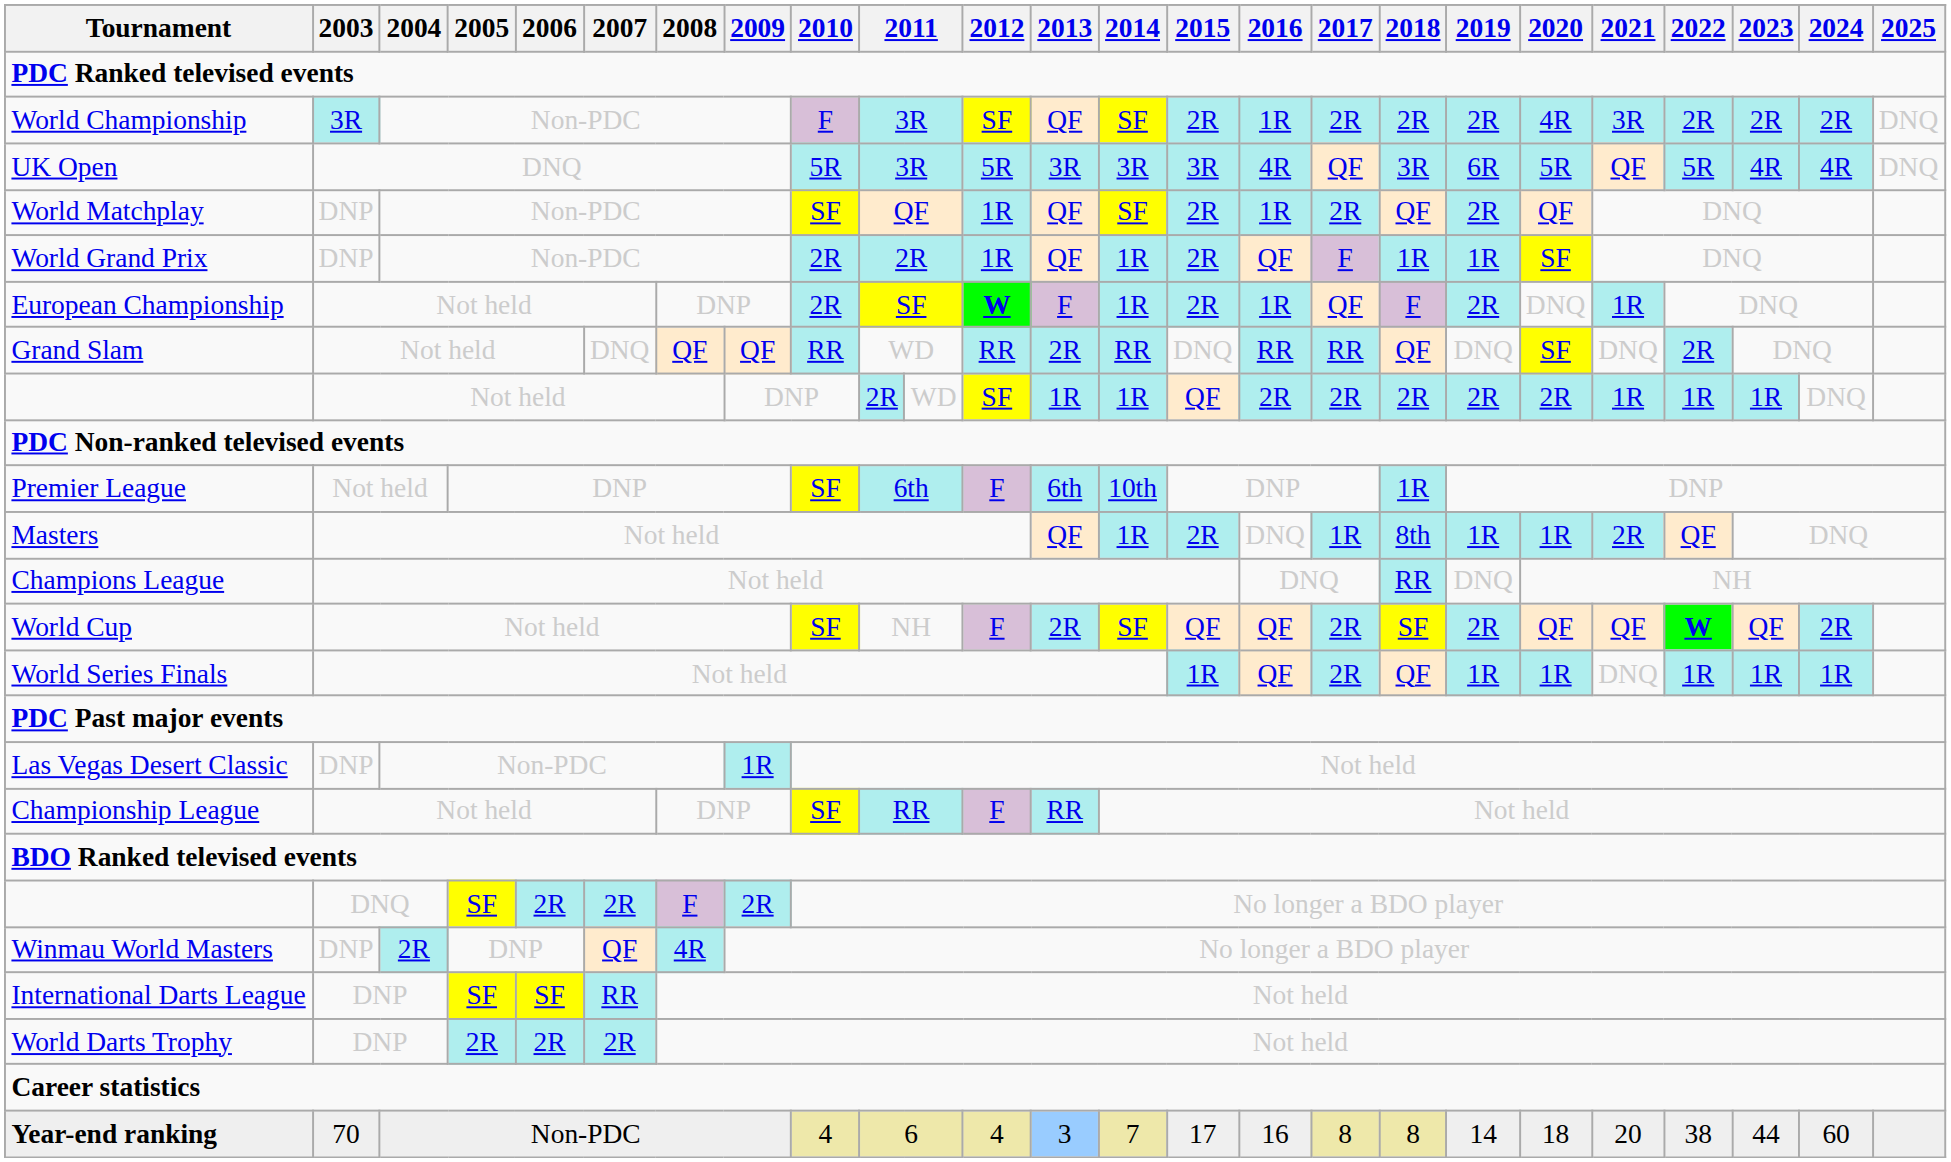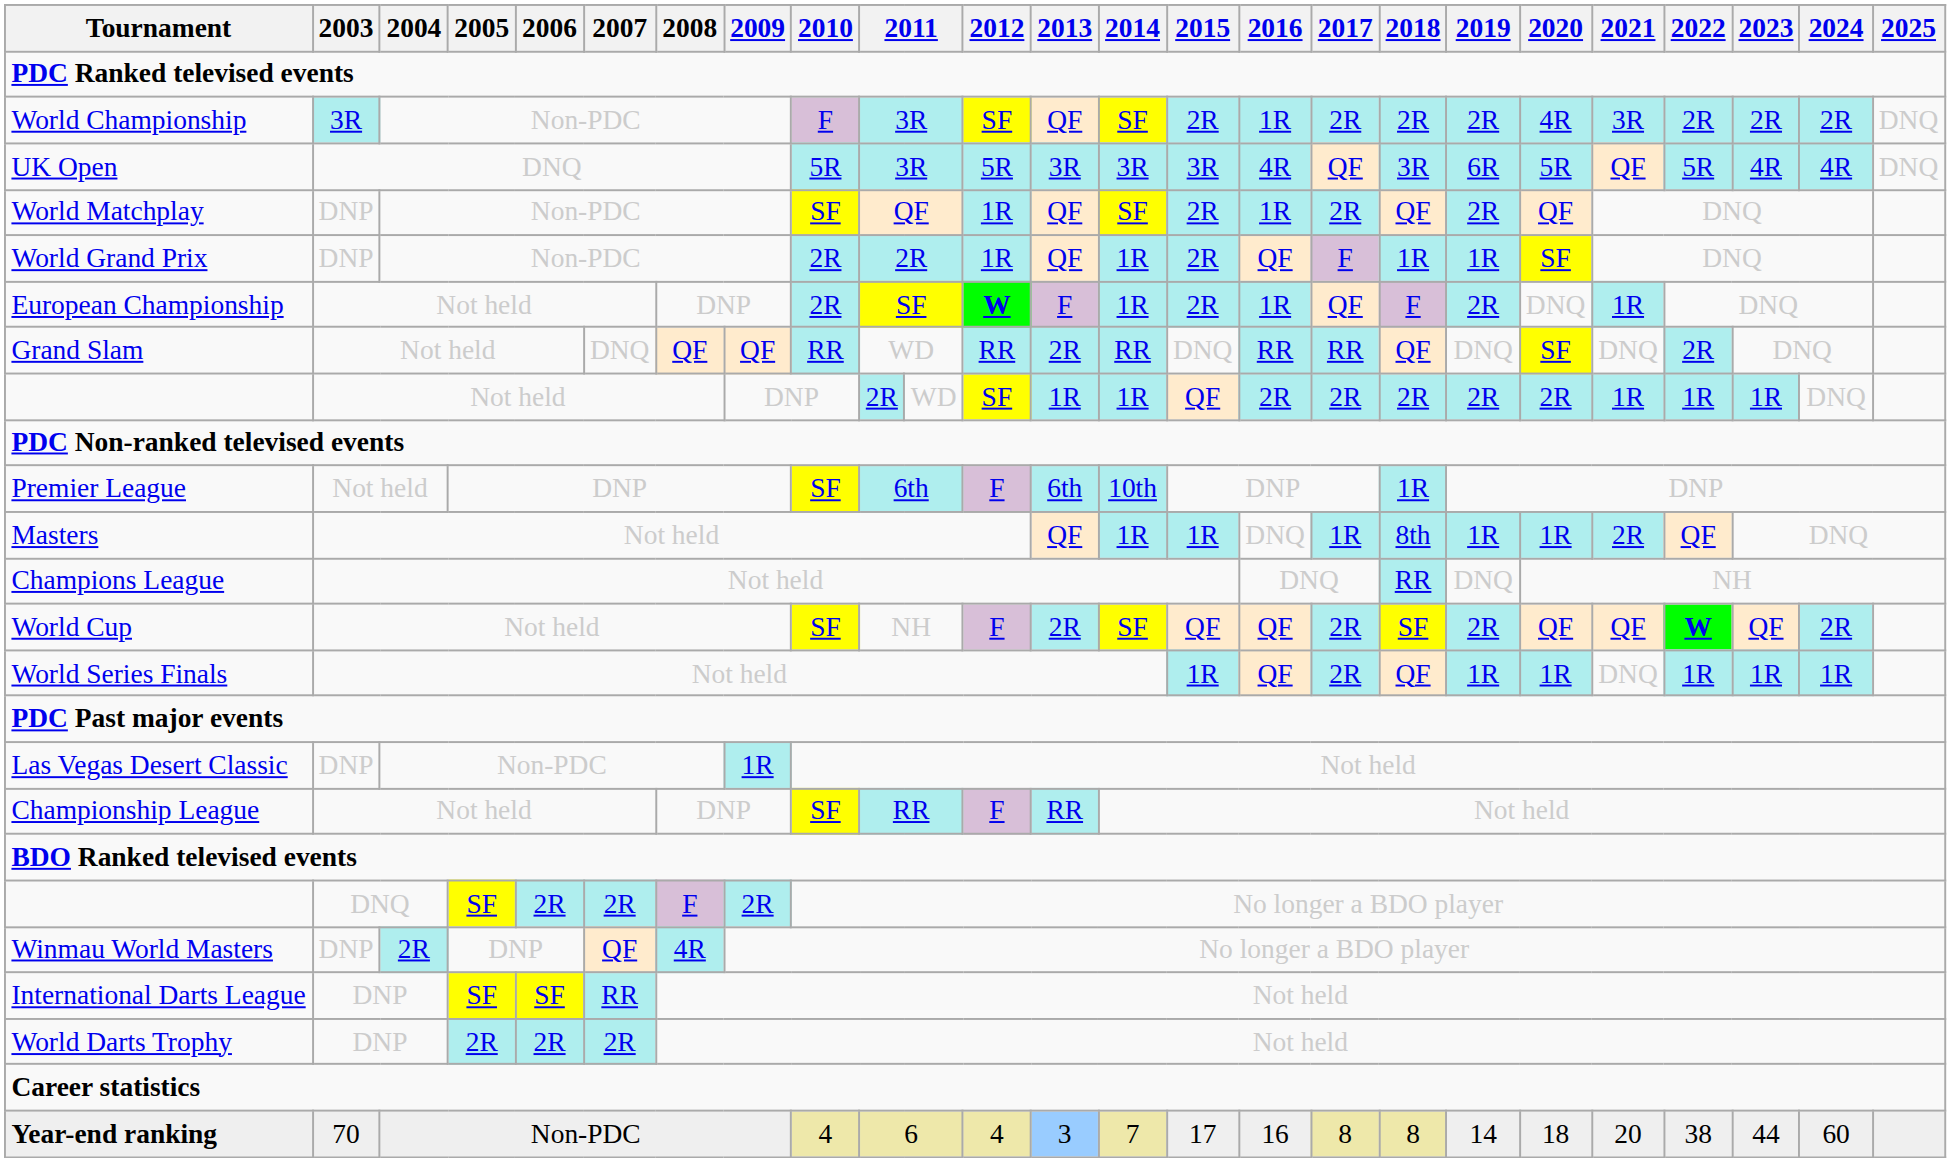 <table class=wikitable style=text-align:center;font-size:88%>
 <tr>
 <th>Tournament</th>
 <th>2003</th>
 <th>2004</th>
 <th>2005</th>
 <th>2006</th>
 <th>2007</th>
 <th>2008</th>
 <th><a href='#'>2009</a></th>
 <th><a href='#'>2010</a></th>
 <th colspan="2"><a href='#'>2011</a></th>
 <th><a href='#'>2012</a></th>
 <th><a href='#'>2013</a></th>
 <th><a href='#'>2014</a></th>
 <th><a href='#'>2015</a></th>
 <th><a href='#'>2016</a></th>
 <th><a href='#'>2017</a></th>
 <th><a href='#'>2018</a></th>
 <th><a href='#'>2019</a></th>
 <th><a href='#'>2020</a></th>
 <th><a href='#'>2021</a></th>
 <th><a href='#'>2022</a></th>
 <th><a href='#'>2023</a></th>
 <th><a href='#'>2024</a></th>
 <th><a href='#'>2025</a></th>
 </tr>
 <tr>
 <td colspan="31" align="left"><strong><a href='#'>PDC</a> Ranked televised events</strong></td>
 </tr>
 <tr>
 <td align=left><a href='#'>World Championship</a></td>
 <td style="text-align:center; background:#afeeee;"><a href='#'>3R</a></td>
 <td colspan="6" style="text-align:center; color:#ccc;">Non-PDC</td>
 <td style="text-align:center; background:thistle;"><a href='#'>F</a></td>
 <td colspan="2" style="text-align:center; background:#afeeee;"><a href='#'>3R</a></td>
 <td style="text-align:center; background:yellow;"><a href='#'>SF</a></td>
 <td style="text-align:center; background:#ffebcd;"><a href='#'>QF</a></td>
 <td style="text-align:center; background:yellow;"><a href='#'>SF</a></td>
 <td style="text-align:center; background:#afeeee;"><a href='#'>2R</a></td>
 <td style="text-align:center; background:#afeeee;"><a href='#'>1R</a></td>
 <td style="text-align:center; background:#afeeee;"><a href='#'>2R</a></td>
 <td style="text-align:center; background:#afeeee;"><a href='#'>2R</a></td>
 <td style="text-align:center; background:#afeeee;"><a href='#'>2R</a></td>
 <td style="text-align:center; background:#afeeee;"><a href='#'>4R</a></td>
 <td style="text-align:center; background:#afeeee;"><a href='#'>3R</a></td>
 <td style="text-align:center; background:#afeeee;"><a href='#'>2R</a></td>
 <td style="text-align:center; background:#afeeee;"><a href='#'>2R</a></td>
 <td style="text-align:center; background:#afeeee;"><a href='#'>2R</a></td>
 <td style="text-align:center; color:#ccc;">DNQ</td>
 </tr>
 <tr>
 <td align=left><a href='#'>UK Open</a></td>
 <td colspan="7" style="text-align:center; color:#ccc;">DNQ</td>
 <td style="text-align:center; background:#afeeee;"><a href='#'>5R</a></td>
 <td colspan="2" style="text-align:center; background:#afeeee;"><a href='#'>3R</a></td>
 <td style="text-align:center; background:#afeeee;"><a href='#'>5R</a></td>
 <td style="text-align:center; background:#afeeee;"><a href='#'>3R</a></td>
 <td style="text-align:center; background:#afeeee;"><a href='#'>3R</a></td>
 <td style="text-align:center; background:#afeeee;"><a href='#'>3R</a></td>
 <td style="text-align:center; background:#afeeee;"><a href='#'>4R</a></td>
 <td style="text-align:center; background:#ffebcd;"><a href='#'>QF</a></td>
 <td style="text-align:center; background:#afeeee;"><a href='#'>3R</a></td>
 <td style="text-align:center; background:#afeeee;"><a href='#'>6R</a></td>
 <td style="text-align:center; background:#afeeee;"><a href='#'>5R</a></td>
 <td style="text-align:center; background:#ffebcd;"><a href='#'>QF</a></td>
 <td style="text-align:center; background:#afeeee;"><a href='#'>5R</a></td>
 <td style="text-align:center; background:#afeeee;"><a href='#'>4R</a></td>
 <td style="text-align:center; background:#afeeee;"><a href='#'>4R</a></td>
 <td style="text-align:center; color:#ccc;">DNQ</td>
 </tr>
 <tr>
 <td align=left><a href='#'>World Matchplay</a></td>
 <td style="text-align:center; color:#ccc;">DNP</td>
 <td colspan="6" style="text-align:center; color:#ccc;">Non-PDC</td>
 <td style="text-align:center; background:yellow;"><a href='#'>SF</a></td>
 <td colspan="2" style="text-align:center; background:#ffebcd;"><a href='#'>QF</a></td>
 <td style="text-align:center; background:#afeeee;"><a href='#'>1R</a></td>
 <td style="text-align:center; background:#ffebcd;"><a href='#'>QF</a></td>
 <td style="text-align:center; background:yellow;"><a href='#'>SF</a></td>
 <td style="text-align:center; background:#afeeee;"><a href='#'>2R</a></td>
 <td style="text-align:center; background:#afeeee;"><a href='#'>1R</a></td>
 <td style="text-align:center; background:#afeeee;"><a href='#'>2R</a></td>
 <td style="text-align:center; background:#ffebcd;"><a href='#'>QF</a></td>
 <td style="text-align:center; background:#afeeee;"><a href='#'>2R</a></td>
 <td style="text-align:center; background:#ffebcd;"><a href='#'>QF</a></td>
 <td colspan="4" style="text-align:center; color:#ccc;">DNQ</td>
 <td></td>
 </tr>
 <tr>
 <td align=left><a href='#'>World Grand Prix</a></td>
 <td style="text-align:center; color:#ccc;">DNP</td>
 <td colspan="6" style="text-align:center; color:#ccc;">Non-PDC</td>
 <td style="text-align:center; background:#afeeee;"><a href='#'>2R</a></td>
 <td colspan="2"  style="text-align:center; background:#afeeee;"><a href='#'>2R</a></td>
 <td style="text-align:center; background:#afeeee;"><a href='#'>1R</a></td>
 <td style="text-align:center; background:#ffebcd;"><a href='#'>QF</a></td>
 <td style="text-align:center; background:#afeeee;"><a href='#'>1R</a></td>
 <td style="text-align:center; background:#afeeee;"><a href='#'>2R</a></td>
 <td style="text-align:center; background:#ffebcd;"><a href='#'>QF</a></td>
 <td style="text-align:center; background:thistle;"><a href='#'>F</a></td>
 <td style="text-align:center; background:#afeeee;"><a href='#'>1R</a></td>
 <td style="text-align:center; background:#afeeee;"><a href='#'>1R</a></td>
 <td style="text-align:center; background:yellow;"><a href='#'>SF</a></td>
 <td colspan="4" style="text-align:center; color:#ccc;">DNQ</td>
 <td></td>
 </tr>
 <tr>
 <td align=left><a href='#'>European Championship</a></td>
 <td colspan="5" style="text-align:center; color:#ccc;">Not held</td>
 <td colspan="2" style="text-align:center; color:#ccc;">DNP</td>
 <td style="text-align:center; background:#afeeee;"><a href='#'>2R</a></td>
 <td colspan="2" style="text-align:center; background:yellow;"><a href='#'>SF</a></td>
 <td style="text-align:center; background:lime;"><strong><a href='#'>W</a></strong></td>
 <td style="text-align:center; background:thistle;"><a href='#'>F</a></td>
 <td style="text-align:center; background:#afeeee;"><a href='#'>1R</a></td>
 <td style="text-align:center; background:#afeeee;"><a href='#'>2R</a></td>
 <td style="text-align:center; background:#afeeee;"><a href='#'>1R</a></td>
 <td style="text-align:center; background:#ffebcd;"><a href='#'>QF</a></td>
 <td style="text-align:center; background:thistle;"><a href='#'>F</a></td>
 <td style="text-align:center; background:#afeeee;"><a href='#'>2R</a></td>
 <td style="text-align:center; color:#ccc;">DNQ</td>
 <td style="text-align:center; background:#afeeee;"><a href='#'>1R</a></td>
 <td colspan="3" style="text-align:center; color:#ccc;">DNQ</td>
 <td></td>
 </tr>
 <tr>
 <td align=left><a href='#'>Grand Slam</a></td>
 <td colspan="4" style="text-align:center; color:#ccc;">Not held</td>
 <td style="text-align:center; color:#ccc;">DNQ</td>
 <td style="text-align:center; background:#ffebcd;"><a href='#'>QF</a></td>
 <td style="text-align:center; background:#ffebcd;"><a href='#'>QF</a></td>
 <td style="text-align:center; background:#afeeee;"><a href='#'>RR</a></td>
 <td colspan="2" style="text-align:center; color:#ccc;">WD</td>
 <td style="text-align:center; background:#afeeee;"><a href='#'>RR</a></td>
 <td style="text-align:center; background:#afeeee;"><a href='#'>2R</a></td>
 <td style="text-align:center; background:#afeeee;"><a href='#'>RR</a></td>
 <td style="text-align:center; color:#ccc;">DNQ</td>
 <td style="text-align:center; background:#afeeee;"><a href='#'>RR</a></td>
 <td style="text-align:center; background:#afeeee;"><a href='#'>RR</a></td>
 <td style="text-align:center; background:#ffebcd;"><a href='#'>QF</a></td>
 <td style="text-align:center; color:#ccc;">DNQ</td>
 <td style="text-align:center; background:yellow;"><a href='#'>SF</a></td>
 <td style="text-align:center; color:#ccc;">DNQ</td>
 <td style="text-align:center; background:#afeeee;"><a href='#'>2R</a></td>
 <td colspan="2" style="text-align:center; color:#ccc;">DNQ</td>
 <td></td>
 </tr>
 <tr>
 <td align=left></td>
 <td colspan="6" style="text-align:center; color:#ccc;">Not held</td>
 <td colspan="2" style="text-align:center; color:#ccc;">DNP</td>
 <td style="text-align:center; background:#afeeee;"><a href='#'>2R</a></td>
 <td style="text-align:center; color:#ccc;">WD</td>
 <td style="text-align:center; background:yellow;"><a href='#'>SF</a></td>
 <td style="text-align:center; background:#afeeee;"><a href='#'>1R</a></td>
 <td style="text-align:center; background:#afeeee;"><a href='#'>1R</a></td>
 <td style="text-align:center; background:#ffebcd;"><a href='#'>QF</a></td>
 <td style="text-align:center; background:#afeeee;"><a href='#'>2R</a></td>
 <td style="text-align:center; background:#afeeee;"><a href='#'>2R</a></td>
 <td style="text-align:center; background:#afeeee;"><a href='#'>2R</a></td>
 <td style="text-align:center; background:#afeeee;"><a href='#'>2R</a></td>
 <td style="text-align:center; background:#afeeee;"><a href='#'>2R</a></td>
 <td style="text-align:center; background:#afeeee;"><a href='#'>1R</a></td>
 <td style="text-align:center; background:#afeeee;"><a href='#'>1R</a></td>
 <td style="text-align:center; background:#afeeee;"><a href='#'>1R</a></td>
 <td style="text-align:center; color:#ccc;">DNQ</td>
 <td></td>
 </tr>
 <tr>
 <td colspan="31" align="left"><strong><a href='#'>PDC</a> Non-ranked televised events</strong></td>
 </tr>
 <tr>
 <td align=left><a href='#'>Premier League</a></td>
 <td colspan="2" style="text-align:center; color:#ccc;">Not held</td>
 <td colspan="5" style="text-align:center; color:#ccc;">DNP</td>
 <td style="text-align:center; background:yellow;"><a href='#'>SF</a></td>
 <td colspan="2" style="text-align:center; background:#afeeee;"><a href='#'>6th</a></td>
 <td style="text-align:center; background:thistle;"><a href='#'>F</a></td>
 <td style="text-align:center; background:#afeeee;"><a href='#'>6th</a></td>
 <td style="text-align:center; background:#afeeee;"><a href='#'>10th</a></td>
 <td colspan="3" style="text-align:center; color:#ccc;">DNP</td>
 <td style="text-align:center; background:#afeeee;"><a href='#'>1R</a></td>
 <td colspan="7" style="text-align:center; color:#ccc;">DNP</td>
 </tr>
 <tr>
 <td align=left><a href='#'>Masters</a></td>
 <td colspan="11" style="text-align:center; color:#ccc;">Not held</td>
 <td style="text-align:center; background:#ffebcd;"><a href='#'>QF</a></td>
 <td style="text-align:center; background:#afeeee;"><a href='#'>1R</a></td>
-<td style="text-align:center; background:#afeeee;"><a href='#'>2R</a></td>
+<td style="text-align:center; background:#afeeee;"><a href='#'>1R</a></td>
 <td style="text-align:center; color:#ccc;">DNQ</td>
 <td style="text-align:center; background:#afeeee;"><a href='#'>1R</a></td>
 <td style="text-align:center; background:#afeeee;"><a href='#'>8th</a></td>
 <td style="text-align:center; background:#afeeee;"><a href='#'>1R</a></td>
 <td style="text-align:center; background:#afeeee;"><a href='#'>1R</a></td>
 <td style="text-align:center; background:#afeeee;"><a href='#'>2R</a></td>
 <td style="text-align:center; background:#ffebcd;"><a href='#'>QF</a></td>
 <td colspan="3" style="text-align:center; color:#ccc;">DNQ</td>
 </tr>
 <tr>
 <td align=left><a href='#'>Champions League</a></td>
 <td colspan="14" style="text-align:center; color:#ccc;">Not held</td>
 <td colspan="2" style="text-align:center; color:#ccc;">DNQ</td>
 <td style="text-align:center; background:#afeeee;"><a href='#'>RR</a></td>
 <td style="text-align:center; color:#ccc;">DNQ</td>
 <td colspan="7" style="text-align:center; color:#ccc;">NH</td>
 </tr>
 <tr>
 <td align=left><a href='#'>World Cup</a></td>
 <td colspan="7" style="text-align:center; color:#ccc;">Not held</td>
 <td style="text-align:center; background:yellow;"><a href='#'>SF</a></td>
 <td colspan="2" style="text-align:center; color:#ccc;">NH</td>
 <td style="text-align:center; background:thistle;"><a href='#'>F</a></td>
 <td style="text-align:center; background:#afeeee;"><a href='#'>2R</a></td>
 <td style="text-align:center; background:yellow;"><a href='#'>SF</a></td>
 <td style="text-align:center; background:#ffebcd;"><a href='#'>QF</a></td>
 <td style="text-align:center; background:#ffebcd;"><a href='#'>QF</a></td>
 <td style="text-align:center; background:#afeeee;"><a href='#'>2R</a></td>
 <td style="text-align:center; background:yellow;"><a href='#'>SF</a></td>
 <td style="text-align:center; background:#afeeee;"><a href='#'>2R</a></td>
 <td style="text-align:center; background:#ffebcd;"><a href='#'>QF</a></td>
 <td style="text-align:center; background:#ffebcd;"><a href='#'>QF</a></td>
 <td style="text-align:center; background:lime;"><strong><a href='#'>W</a></strong></td>
 <td style="text-align:center; background:#ffebcd;"><a href='#'>QF</a></td>
 <td style="text-align:center; background:#afeeee;"><a href='#'>2R</a></td>
 <td></td>
 </tr>
 <tr>
 <td align=left><a href='#'>World Series Finals</a></td>
 <td colspan="13" style="text-align:center; color:#ccc;">Not held</td>
 <td style="text-align:center; background:#afeeee;"><a href='#'>1R</a></td>
 <td style="text-align:center; background:#ffebcd;"><a href='#'>QF</a></td>
 <td style="text-align:center; background:#afeeee;"><a href='#'>2R</a></td>
 <td style="text-align:center; background:#ffebcd;"><a href='#'>QF</a></td>
 <td style="text-align:center; background:#afeeee;"><a href='#'>1R</a></td>
 <td style="text-align:center; background:#afeeee;"><a href='#'>1R</a></td>
 <td style="text-align:center; color:#ccc;">DNQ</td>
 <td style="text-align:center; background:#afeeee;"><a href='#'>1R</a></td>
 <td style="text-align:center; background:#afeeee;"><a href='#'>1R</a></td>
 <td style="text-align:center; background:#afeeee;"><a href='#'>1R</a></td>
 <td></td>
 </tr>
 <tr>
 <td colspan="31" align="left"><strong><a href='#'>PDC</a> Past major events</strong></td>
 </tr>
 <tr>
 <td align=left><a href='#'>Las Vegas Desert Classic</a></td>
 <td style="text-align:center; color:#ccc;">DNP</td>
 <td colspan="5" style="text-align:center; color:#ccc;">Non-PDC</td>
 <td style="text-align:center; background:#afeeee;"><a href='#'>1R</a></td>
 <td colspan="17" style="text-align:center; color:#ccc;">Not held</td>
 </tr>
 <tr>
 <td align=left><a href='#'>Championship League</a></td>
 <td colspan="5" style="text-align:center; color:#ccc;">Not held</td>
 <td colspan="2" style="text-align:center; color:#ccc;">DNP</td>
 <td style="text-align:center; background:yellow;"><a href='#'>SF</a></td>
 <td colspan="2" style="text-align:center; background:#afeeee;"><a href='#'>RR</a></td>
 <td style="text-align:center; background:thistle;"><a href='#'>F</a></td>
 <td style="text-align:center; background:#afeeee;"><a href='#'>RR</a></td>
 <td colspan="12" style="text-align:center; color:#ccc;">Not held</td>
 </tr>
 <tr>
 <td colspan="31" align="left"><strong><a href='#'>BDO</a> Ranked televised events</strong></td>
 </tr>
 <tr>
 <td align=left></td>
 <td colspan="2" style="text-align:center; color:#ccc;">DNQ</td>
 <td style="text-align:center; background:yellow;"><a href='#'>SF</a></td>
 <td style="text-align:center; background:#afeeee;"><a href='#'>2R</a></td>
 <td style="text-align:center; background:#afeeee;"><a href='#'>2R</a></td>
 <td style="text-align:center; background:thistle;"><a href='#'>F</a></td>
 <td style="text-align:center; background:#afeeee;"><a href='#'>2R</a></td>
 <td colspan="17" style="text-align:center; color:#ccc;">No longer a BDO player</td>
 </tr>
 <tr>
 <td align=left><a href='#'>Winmau World Masters</a></td>
 <td style="text-align:center; color:#ccc;">DNP</td>
 <td style="text-align:center; background:#afeeee;"><a href='#'>2R</a></td>
 <td colspan="2" style="text-align:center; color:#ccc;">DNP</td>
 <td style="text-align:center; background:#ffebcd;"><a href='#'>QF</a></td>
 <td style="text-align:center; background:#afeeee;"><a href='#'>4R</a></td>
 <td colspan="18" style="text-align:center; color:#ccc;">No longer a BDO player</td>
 </tr>
 <tr>
 <td align=left><a href='#'>International Darts League</a></td>
 <td colspan="2" style="text-align:center; color:#ccc;">DNP</td>
 <td style="text-align:center; background:yellow;"><a href='#'>SF</a></td>
 <td style="text-align:center; background:yellow;"><a href='#'>SF</a></td>
 <td style="text-align:center; background:#afeeee;"><a href='#'>RR</a></td>
 <td colspan="19" style="text-align:center; color:#ccc;">Not held</td>
 </tr>
 <tr>
 <td align=left><a href='#'>World Darts Trophy</a></td>
 <td colspan="2" style="text-align:center; color:#ccc;">DNP</td>
 <td style="text-align:center; background:#afeeee;"><a href='#'>2R</a></td>
 <td style="text-align:center; background:#afeeee;"><a href='#'>2R</a></td>
 <td style="text-align:center; background:#afeeee;"><a href='#'>2R</a></td>
 <td colspan="19" style="text-align:center; color:#ccc;">Not held</td>
 </tr>
 <tr>
 <td colspan="32" align="left"><strong>Career statistics</strong></td>
 </tr>
 <tr bgcolor="efefef">
 <td align="left"><strong>Year-end ranking</strong></td>
 <td style="text-align:center;">70</td>
 <td colspan="6" style="text-align:center;">Non-PDC</td>
 <td style="text-align:center; background:#eee8aa;">4</td>
 <td colspan="2" style="text-align:center; background:#eee8aa;">6</td>
 <td style="text-align:center; background:#eee8aa;">4</td>
 <td style="text-align:center; background:#99ccff;">3</td>
 <td style="text-align:center; background:#eee8aa;">7</td>
 <td style="text-align:center;">17</td>
 <td style="text-align:center;">16</td>
 <td style="text-align:center; background:#eee8aa;">8</td>
 <td style="text-align:center; background:#eee8aa;">8</td>
 <td style="text-align:center;">14</td>
 <td style="text-align:center;">18</td>
 <td style="text-align:center;">20</td>
 <td style="text-align:center;">38</td>
 <td style="text-align:center;">44</td>
 <td style="text-align:center;">60</td>
 <td></td>
 </tr>
 </table>
